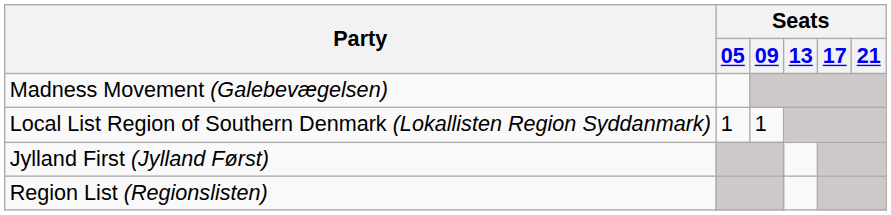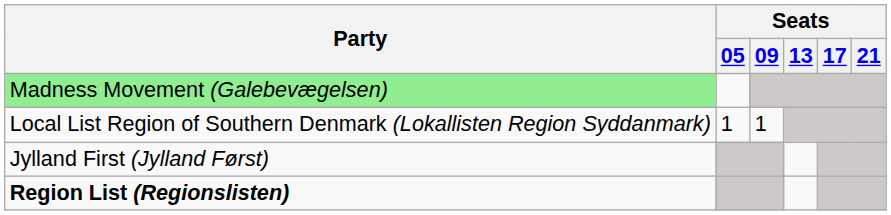 <table class="wikitable">
 <tr>
 <th rowspan=2>Party</th>
 <th colspan=11>Seats</th>
 </tr>
 <tr>
 <th><a href='#'>05</a></th>
 <th><a href='#'>09</a></th>
 <th><a href='#'>13</a></th>
 <th><a href='#'>17</a></th>
 <th><a href='#'>21</a></th>
 </tr>
 <tr>
-<td>Madness Movement <em>(Galebevægelsen)</em></td>
+<td style="background: lightgreen;">Madness Movement <em>(Galebevægelsen)</em></td>
 <td></td>
 <td style="background:#CDC9C9;" colspan=4></td>
 </tr>
 <tr>
 <td>Local List Region of Southern Denmark <em>(Lokallisten Region Syddanmark)</em></td>
 <td>1</td>
 <td>1</td>
 <td style="background:#CDC9C9;" colspan=3></td>
 </tr>
 <tr>
 <td>Jylland First <em>(Jylland Først)</em></td>
 <td style="background:#CDC9C9;" colspan=2></td>
 <td></td>
 <td style="background:#CDC9C9;" colspan=2></td>
 </tr>
 <tr>
-<td>Region List <em>(Regionslisten)</em></td>
+<td><strong>Region List <em>(Regionslisten)</em></strong></td>
 <td style="background:#CDC9C9;" colspan=2></td>
 <td></td>
 <td style="background:#CDC9C9;" colspan=2></td>
 </tr>
 </table>
